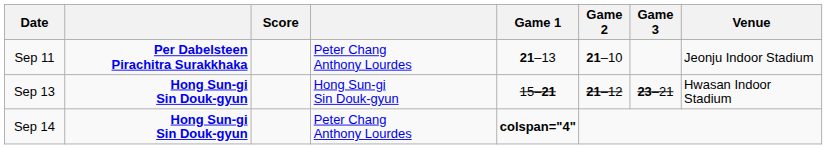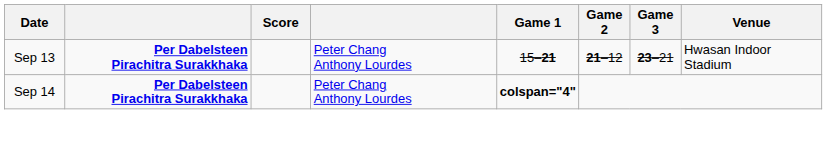 <table class="wikitable" style="text-align: center; font-size:90% ">
 <tr>
 <th width="60">Date</th>
 <th align="right" width="200"></th>
 <th width="60">Score</th>
 <th align="left" width="200"></th>
 <th width="50">Game 1</th>
 <th width="50">Game 2</th>
 <th width="50">Game 3</th>
 <th width="150">Venue</th>
 </tr>
 <tr>
-<td>Sep 11</td>
+<td>Sep 13</td>
 <td align="right"><strong><a href='#'>Per Dabelsteen</a> <br><a href='#'>Pirachitra Surakkhaka</a> </strong></td>
 <td align="center"></td>
 <td align="left"> <a href='#'>Peter Chang</a><br> <a href='#'>Anthony Lourdes</a></td>
-<td><strong>21</strong>–13</td>
-<td><strong>21</strong>–10</td>
-<td></td>
-<td align="left">Jeonju Indoor Stadium</td>
-</tr>
-<tr>
-<td>Sep 13</td>
-<td align="right"><strong><a href='#'>Hong Sun-gi</a> <br><a href='#'>Sin Douk-gyun</a> </strong></td>
-<td align="center"></td>
-<td align="left"> <a href='#'>Hong Sun-gi</a><br> <a href='#'>Sin Douk-gyun</a></td>
 <td><s>15–<strong>21</strong></s></td>
 <td><s><strong>21</strong>–12</s></td>
 <td><s><strong>23</strong>–21</s></td>
 <td align="left">Hwasan Indoor Stadium</td>
 </tr>
 <tr>
 <td>Sep 14</td>
-<td align="right"><strong><a href='#'>Hong Sun-gi</a> <br><a href='#'>Sin Douk-gyun</a> </strong></td>
+<td align="right"><strong><a href='#'>Per Dabelsteen</a> <br><a href='#'>Pirachitra Surakkhaka</a> </strong></td>
 <td align="center"></td>
 <td align="left"> <a href='#'>Peter Chang</a><br> <a href='#'>Anthony Lourdes</a></td>
 <td><strong>colspan="4" </strong></td>
 </tr>
 </table>
